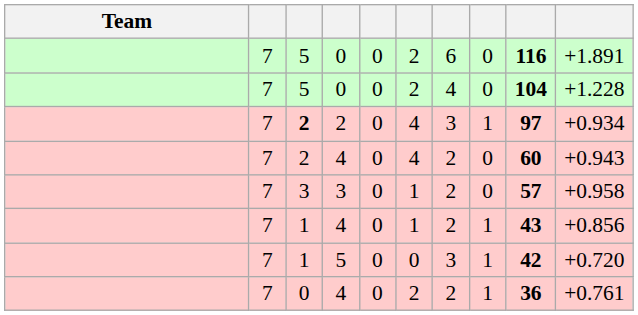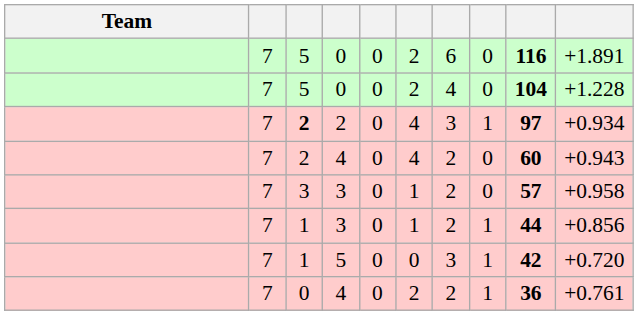 <table class="wikitable" style="text-align:center;">
 <tr>
 <th width=175>Team</th>
 <th width=20></th>
 <th width=20></th>
 <th width=20></th>
 <th width=20></th>
 <th width=20></th>
 <th width=20></th>
 <th width=20></th>
 <th width=30></th>
 <th width=50></th>
 </tr>
 <tr style="background-color:#cfc">
 <td align="left"></td>
 <td>7</td>
 <td>5</td>
 <td>0</td>
 <td>0</td>
 <td>2</td>
 <td>6</td>
 <td>0</td>
 <td><strong>116</strong></td>
 <td>+1.891</td>
 </tr>
 <tr style="background-color:#cfc">
 <td align="left"></td>
 <td>7</td>
 <td>5</td>
 <td>0</td>
 <td>0</td>
 <td>2</td>
 <td>4</td>
 <td>0</td>
 <td><strong>104</strong></td>
 <td>+1.228</td>
 </tr>
 <tr style="background-color:#fcc">
 <td align="left"></td>
 <td>7</td>
 <td><strong>2</strong></td>
 <td>2</td>
 <td>0</td>
 <td>4</td>
 <td>3</td>
 <td>1</td>
 <td><strong>97</strong></td>
 <td>+0.934</td>
 </tr>
 <tr style="background-color:#fcc">
 <td align="left"></td>
 <td>7</td>
 <td>2</td>
 <td>4</td>
 <td>0</td>
 <td>4</td>
 <td>2</td>
 <td>0</td>
 <td><strong>60</strong></td>
 <td>+0.943</td>
 </tr>
 <tr style="background-color:#fcc">
 <td align="left"></td>
 <td>7</td>
 <td>3</td>
 <td>3</td>
 <td>0</td>
 <td>1</td>
 <td>2</td>
 <td>0</td>
 <td><strong>57</strong></td>
 <td>+0.958</td>
 </tr>
 <tr style="background-color:#fcc">
 <td align="left"></td>
 <td>7</td>
 <td>1</td>
-<td>4</td>
+<td>3</td>
 <td>0</td>
 <td>1</td>
 <td>2</td>
 <td>1</td>
-<td><strong>43</strong></td>
+<td><strong>44</strong></td>
 <td>+0.856</td>
 </tr>
 <tr style="background-color:#fcc">
 <td align="left"></td>
 <td>7</td>
 <td>1</td>
 <td>5</td>
 <td>0</td>
 <td>0</td>
 <td>3</td>
 <td>1</td>
 <td><strong>42</strong></td>
 <td>+0.720</td>
 </tr>
 <tr style="background-color:#fcc">
 <td align="left"></td>
 <td>7</td>
 <td>0</td>
 <td>4</td>
 <td>0</td>
 <td>2</td>
 <td>2</td>
 <td>1</td>
 <td><strong>36</strong></td>
 <td>+0.761</td>
 </tr>
 </table>
